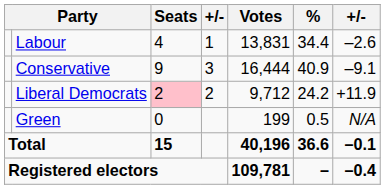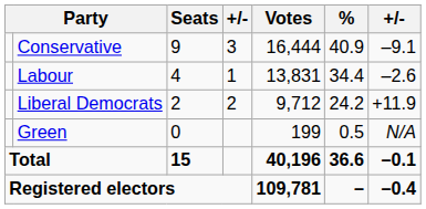 <table class="wikitable sortable">
 <tr>
 <th colspan="2">Party</th>
 <th>Seats</th>
 <th>+/-</th>
 <th>Votes</th>
 <th>%</th>
 <th>+/-</th>
+</tr>
+<tr>
+<td style="background-color: "></td>
+<td><a href='#'>Conservative</a></td>
+<td>9</td>
+<td> 3</td>
+<td style="text-align:right;">16,444</td>
+<td style="text-align:right;">40.9</td>
+<td style="text-align:right;">–9.1</td>
 </tr>
 <tr>
 <td style="background-color: "></td>
 <td><a href='#'>Labour</a></td>
 <td>4</td>
 <td> 1</td>
 <td style="text-align:right;">13,831</td>
 <td style="text-align:right;">34.4</td>
 <td style="text-align:right;">–2.6</td>
 </tr>
 <tr>
 <td style="background-color: "></td>
-<td><a href='#'>Conservative</a></td>
-<td>9</td>
-<td> 3</td>
-<td style="text-align:right;">16,444</td>
-<td style="text-align:right;">40.9</td>
-<td style="text-align:right;">–9.1</td>
-</tr>
-<tr>
-<td style="background-color: "></td>
 <td><a href='#'>Liberal Democrats</a></td>
-<td style="background: pink;">2</td>
+<td>2</td>
 <td> 2</td>
 <td style="text-align:right;">9,712</td>
 <td style="text-align:right;">24.2</td>
 <td style="text-align:right;">+11.9</td>
 </tr>
 <tr>
 <td style="background-color: "></td>
 <td><a href='#'>Green</a></td>
 <td>0</td>
 <td></td>
 <td style="text-align:right;">199</td>
 <td style="text-align:right;">0.5</td>
 <td style="text-align:right;"><em>N/A</em></td>
 </tr>
 <tr>
 <td colspan="2"><strong>Total</strong></td>
 <td><strong>15</strong></td>
 <td></td>
 <td style="text-align:right;"><strong>40,196</strong></td>
 <td style="text-align:right;"><strong>36.6</strong></td>
 <td style="text-align:right;"><strong>–0.1</strong></td>
 </tr>
 <tr>
 <td colspan="4"><strong>Registered electors</strong></td>
 <td style="text-align:right;"><strong>109,781</strong></td>
 <td style="text-align:right;"><strong>–</strong></td>
 <td style="text-align:right;"><strong>–0.4</strong></td>
 </tr>
 </table>
